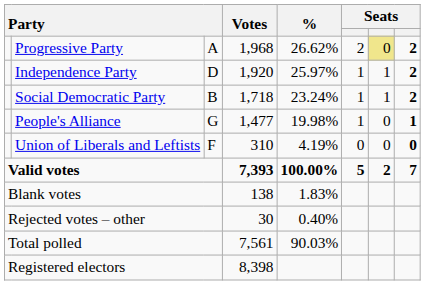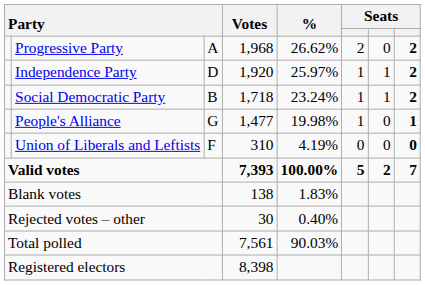 <table class="wikitable" border="1" style="text-align:right;">
 <tr>
 <th style="text-align:left;" valign=bottom rowspan=2 colspan=3>Party</th>
 <th align=center valign=bottom rowspan=2 width="50">Votes</th>
 <th align=center valign=bottom rowspan=2 width="50">%</th>
 <th colspan=3>Seats</th>
 </tr>
 <tr>
 <th align=center valign=bottom width="20"><small></small></th>
 <th align=center valign=bottom width="20"><small><a href='#'></a></small></th>
 <th align=center valign=bottom width="20"><small></small></th>
 </tr>
 <tr>
 <td></td>
 <td align=left><a href='#'>Progressive Party</a></td>
 <td align=left>A</td>
 <td>1,968</td>
 <td>26.62%</td>
 <td>2</td>
-<td style="background: khaki;">0</td>
+<td>0</td>
 <td><strong>2</strong></td>
 </tr>
 <tr>
 <td></td>
 <td align=left><a href='#'>Independence Party</a></td>
 <td align=left>D</td>
 <td>1,920</td>
 <td>25.97%</td>
 <td>1</td>
 <td>1</td>
 <td><strong>2</strong></td>
 </tr>
 <tr>
 <td></td>
 <td align=left><a href='#'>Social Democratic Party</a></td>
 <td align=left>B</td>
 <td>1,718</td>
 <td>23.24%</td>
 <td>1</td>
 <td>1</td>
 <td><strong>2</strong></td>
 </tr>
 <tr>
 <td></td>
 <td align=left><a href='#'>People's Alliance</a></td>
 <td align=left>G</td>
 <td>1,477</td>
 <td>19.98%</td>
 <td>1</td>
 <td>0</td>
 <td><strong>1</strong></td>
 </tr>
 <tr>
 <td></td>
 <td align=left><a href='#'>Union of Liberals and Leftists</a></td>
 <td align=left>F</td>
 <td>310</td>
 <td>4.19%</td>
 <td>0</td>
 <td>0</td>
 <td><strong>0</strong></td>
 </tr>
 <tr style="font-weight:bold">
 <td align=left colspan=3>Valid votes</td>
 <td>7,393</td>
 <td>100.00%</td>
 <td>5</td>
 <td>2</td>
 <td>7</td>
 </tr>
 <tr>
 <td align=left colspan=3>Blank votes</td>
 <td>138</td>
 <td>1.83%</td>
 <td></td>
 <td></td>
 <td></td>
 </tr>
 <tr>
 <td align=left colspan=3>Rejected votes – other</td>
 <td>30</td>
 <td>0.40%</td>
 <td></td>
 <td></td>
 <td></td>
 </tr>
 <tr>
 <td align=left colspan=3>Total polled</td>
 <td>7,561</td>
 <td>90.03%</td>
 <td></td>
 <td></td>
 <td></td>
 </tr>
 <tr>
 <td align=left colspan=3>Registered electors</td>
 <td>8,398</td>
 <td></td>
 <td></td>
 <td></td>
 <td></td>
 </tr>
 </table>
